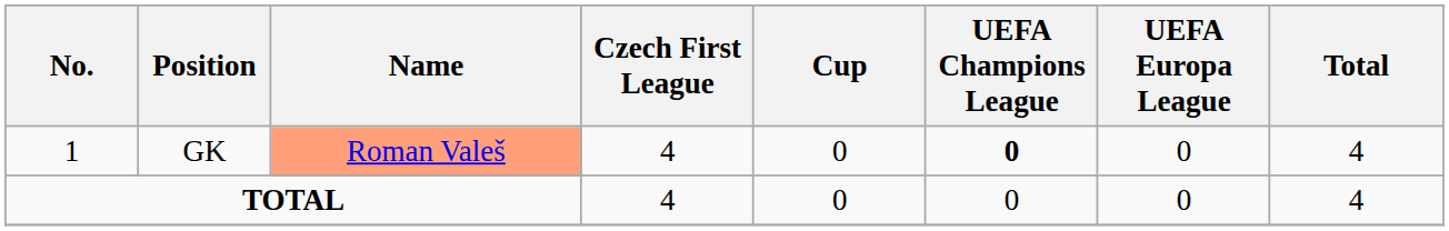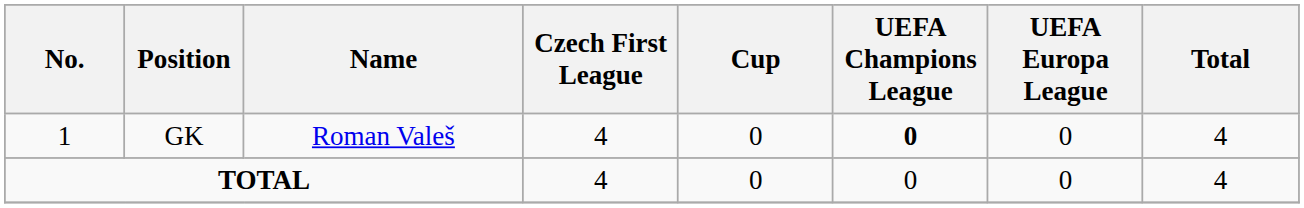 <table class="wikitable" style="font-size: 95%; text-align: center;">
 <tr>
 <th width=60>No.</th>
 <th width=60>Position</th>
 <th width=150>Name</th>
 <th width=80>Czech First League</th>
 <th width=80>Cup</th>
 <th width=80>UEFA Champions League</th>
 <th width=80>UEFA Europa League</th>
 <th width=80>Total</th>
 </tr>
 <tr>
 <td>1</td>
 <td>GK</td>
-<td style="background: lightsalmon;"><a href='#'>Roman Valeš</a></td>
+<td><a href='#'>Roman Valeš</a></td>
 <td>4</td>
 <td>0</td>
 <td><strong>0</strong></td>
 <td>0</td>
 <td>4</td>
 </tr>
 <tr>
 <td colspan="3"><strong>TOTAL</strong></td>
 <td>4</td>
 <td>0</td>
 <td>0</td>
 <td>0</td>
 <td>4</td>
 </tr>
 <tr>
 </tr>
 </table>
